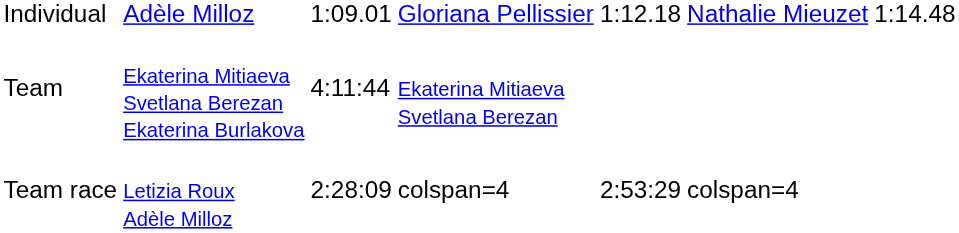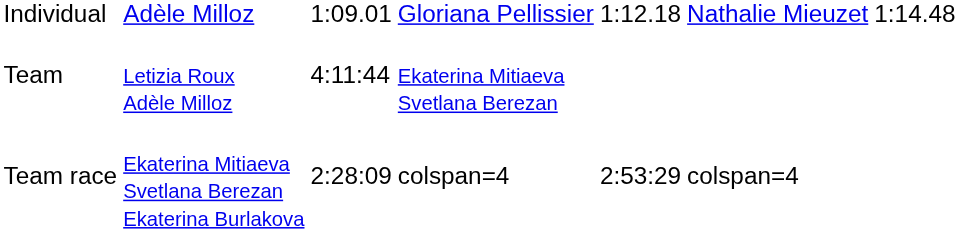 <table>
 <tr>
 <td>Individual</td>
 <td><a href='#'>Adèle Milloz</a><br></td>
 <td>1:09.01</td>
 <td><a href='#'>Gloriana Pellissier</a><br></td>
 <td>1:12.18</td>
 <td><a href='#'>Nathalie Mieuzet</a><br></td>
 <td>1:14.48</td>
 </tr>
 <tr>
 <td>Team</td>
-<td><br><small><a href='#'>Ekaterina Mitiaeva</a><br><a href='#'>Svetlana Berezan</a><br><a href='#'>Ekaterina Burlakova</a></small></td>
+<td><br><small><a href='#'>Letizia Roux</a><br><a href='#'>Adèle Milloz</a></small></td>
 <td>4:11:44</td>
 <td><br><small><a href='#'>Ekaterina Mitiaeva</a><br><a href='#'>Svetlana Berezan</a></small></td>
 </tr>
 <tr>
 <td>Team race</td>
-<td><br><small><a href='#'>Letizia Roux</a><br><a href='#'>Adèle Milloz</a></small></td>
+<td><br><small><a href='#'>Ekaterina Mitiaeva</a><br><a href='#'>Svetlana Berezan</a><br><a href='#'>Ekaterina Burlakova</a></small></td>
 <td>2:28:09</td>
 <td>colspan=4 </td>
 <td>2:53:29</td>
 <td>colspan=4 </td>
 </tr>
 </table>
